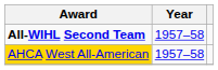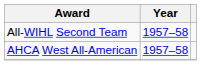 <table class="wikitable">
 <tr>
 <th>Award</th>
 <th>Year</th>
 <th></th>
 </tr>
 <tr>
-<td><strong>All-<a href='#'>WIHL</a> <a href='#'>Second Team</a></strong></td>
+<td>All-<a href='#'>WIHL</a> <a href='#'>Second Team</a></td>
 <td><a href='#'>1957–58</a></td>
 <td></td>
 </tr>
 <tr>
-<td style="background: gold;"><a href='#'>AHCA</a> <a href='#'>West All-American</a></td>
+<td><a href='#'>AHCA</a> <a href='#'>West All-American</a></td>
 <td><a href='#'>1957–58</a></td>
 <td></td>
 </tr>
 <tr>
 </tr>
 </table>
